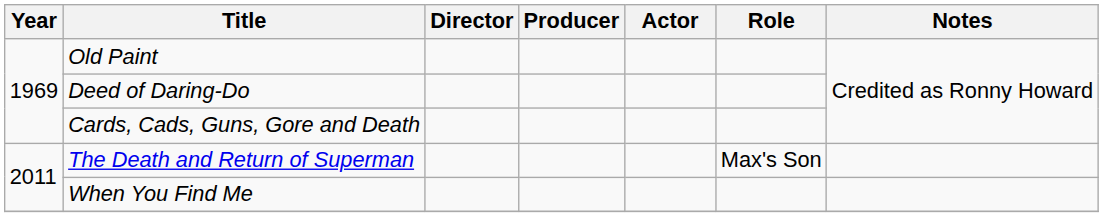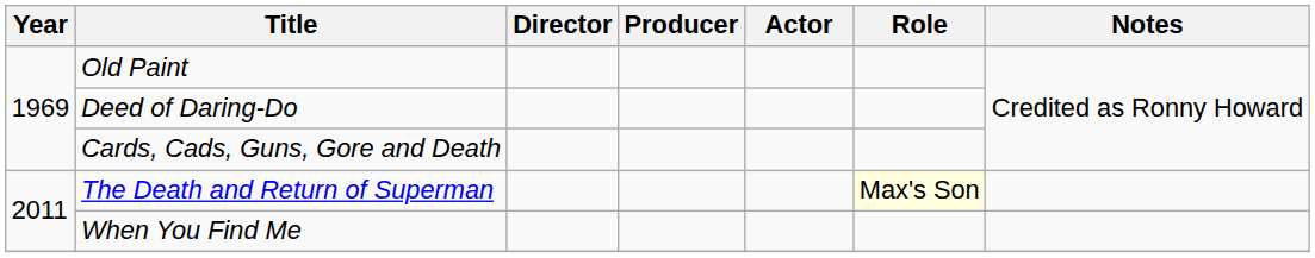 <table class="wikitable">
 <tr>
 <th>Year</th>
 <th>Title</th>
 <th width=60>Director</th>
 <th width=60>Producer</th>
 <th width=60>Actor</th>
 <th>Role</th>
 <th>Notes</th>
 </tr>
 <tr>
 <td rowspan="3">1969</td>
 <td><em>Old Paint</em></td>
 <td></td>
 <td></td>
 <td></td>
 <td></td>
 <td rowspan=3>Credited as Ronny Howard</td>
 </tr>
 <tr>
 <td><em>Deed of Daring-Do</em></td>
 <td></td>
 <td></td>
 <td></td>
 <td></td>
 </tr>
 <tr>
 <td><em>Cards, Cads, Guns, Gore and Death</em></td>
 <td></td>
 <td></td>
 <td></td>
 <td></td>
 </tr>
 <tr>
 <td rowspan=2>2011</td>
 <td><em><a href='#'>The Death and Return of Superman</a></em></td>
 <td></td>
 <td></td>
 <td></td>
-<td>Max's Son</td>
+<td style="background: lightyellow;">Max's Son</td>
 <td></td>
 </tr>
 <tr>
 <td><em>When You Find Me</em></td>
 <td></td>
 <td></td>
 <td></td>
 <td></td>
 <td></td>
 </tr>
 <tr>
 </tr>
 </table>
